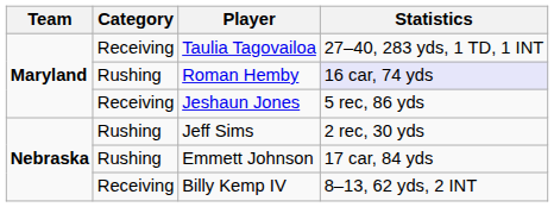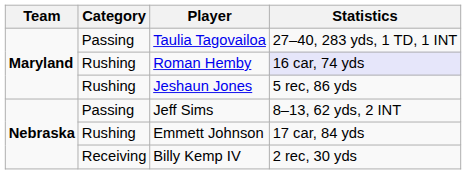 <table class="wikitable" style="float: right;">
 <tr>
 <th>Team</th>
 <th>Category</th>
 <th>Player</th>
 <th>Statistics</th>
 </tr>
 <tr>
 <td rowspan=3><strong>Maryland</strong></td>
-<td>Receiving</td>
+<td>Passing</td>
 <td><a href='#'>Taulia Tagovailoa</a></td>
 <td>27–40, 283 yds, 1 TD, 1 INT</td>
 </tr>
 <tr>
 <td>Rushing</td>
 <td><a href='#'>Roman Hemby</a></td>
 <td style="background: lavender;">16 car, 74 yds</td>
 </tr>
 <tr>
-<td>Receiving</td>
+<td>Rushing</td>
 <td><a href='#'>Jeshaun Jones</a></td>
 <td>5 rec, 86 yds</td>
 </tr>
 <tr>
 <td rowspan=3><strong>Nebraska</strong></td>
-<td>Rushing</td>
+<td>Passing</td>
 <td>Jeff Sims</td>
-<td>2 rec, 30 yds</td>
+<td>8–13, 62 yds, 2 INT</td>
 </tr>
 <tr>
 <td>Rushing</td>
 <td>Emmett Johnson</td>
 <td>17 car, 84 yds</td>
 </tr>
 <tr>
 <td>Receiving</td>
 <td>Billy Kemp IV</td>
-<td>8–13, 62 yds, 2 INT</td>
+<td>2 rec, 30 yds</td>
 </tr>
 </table>
